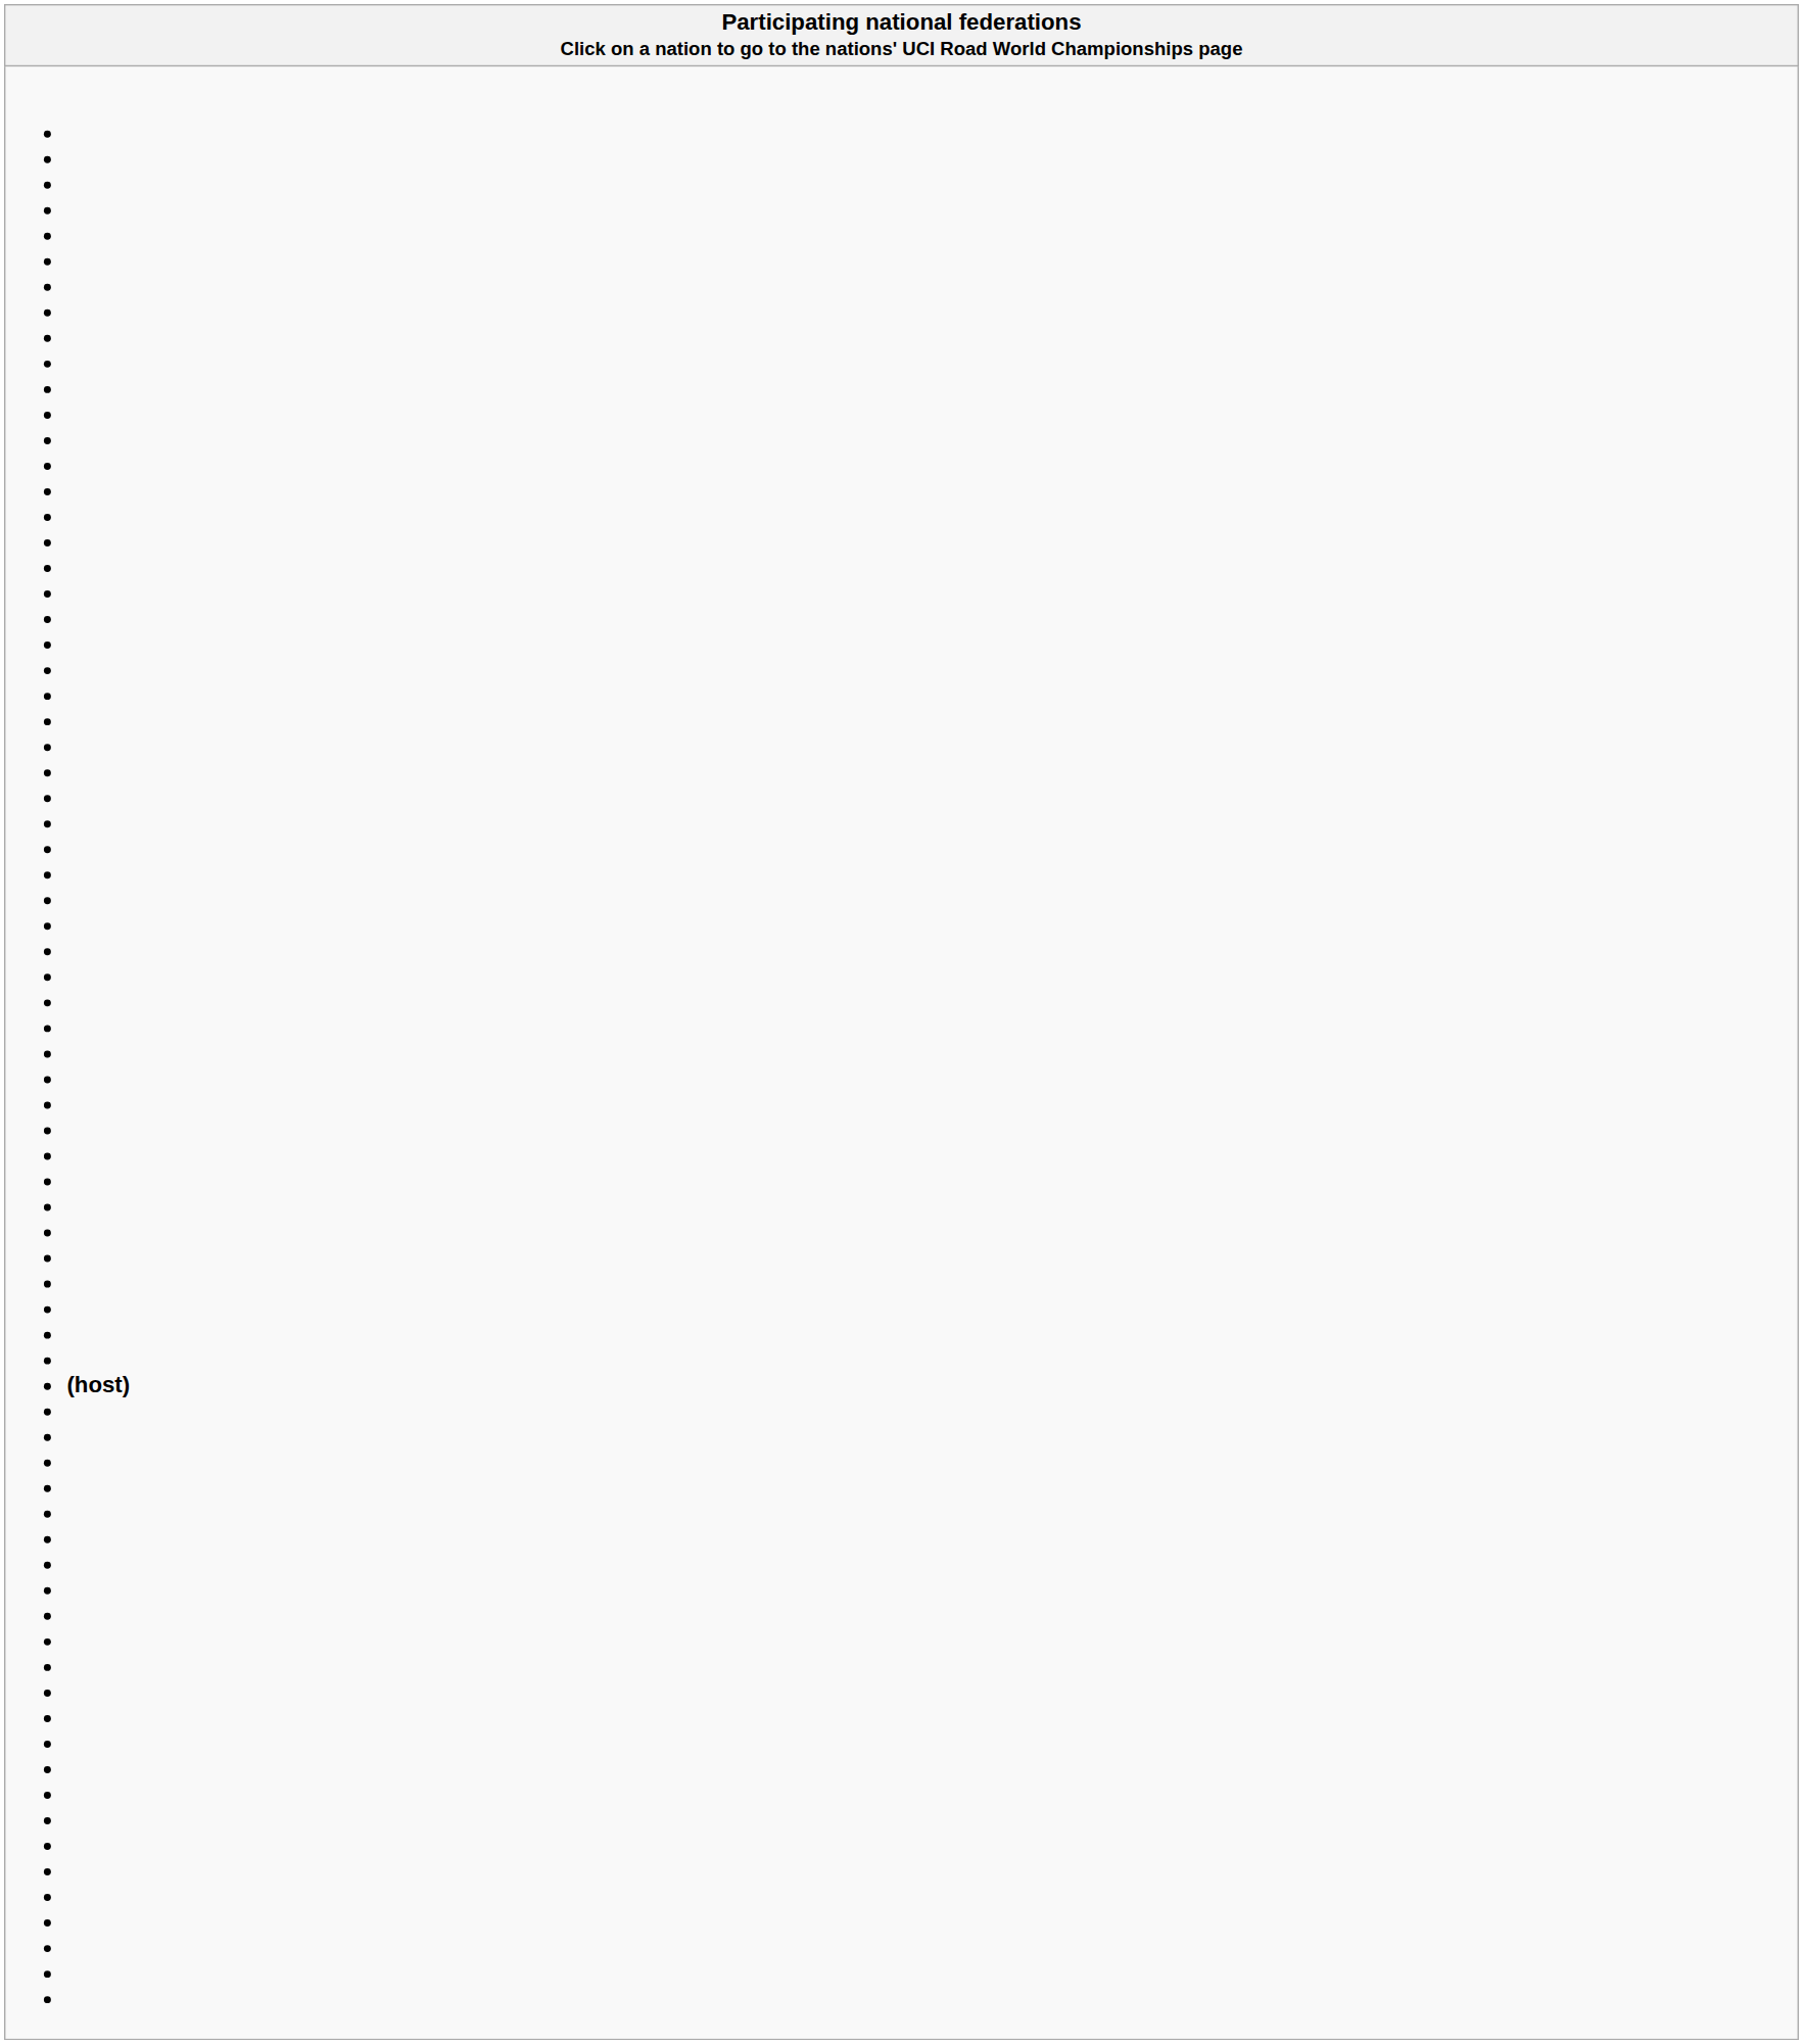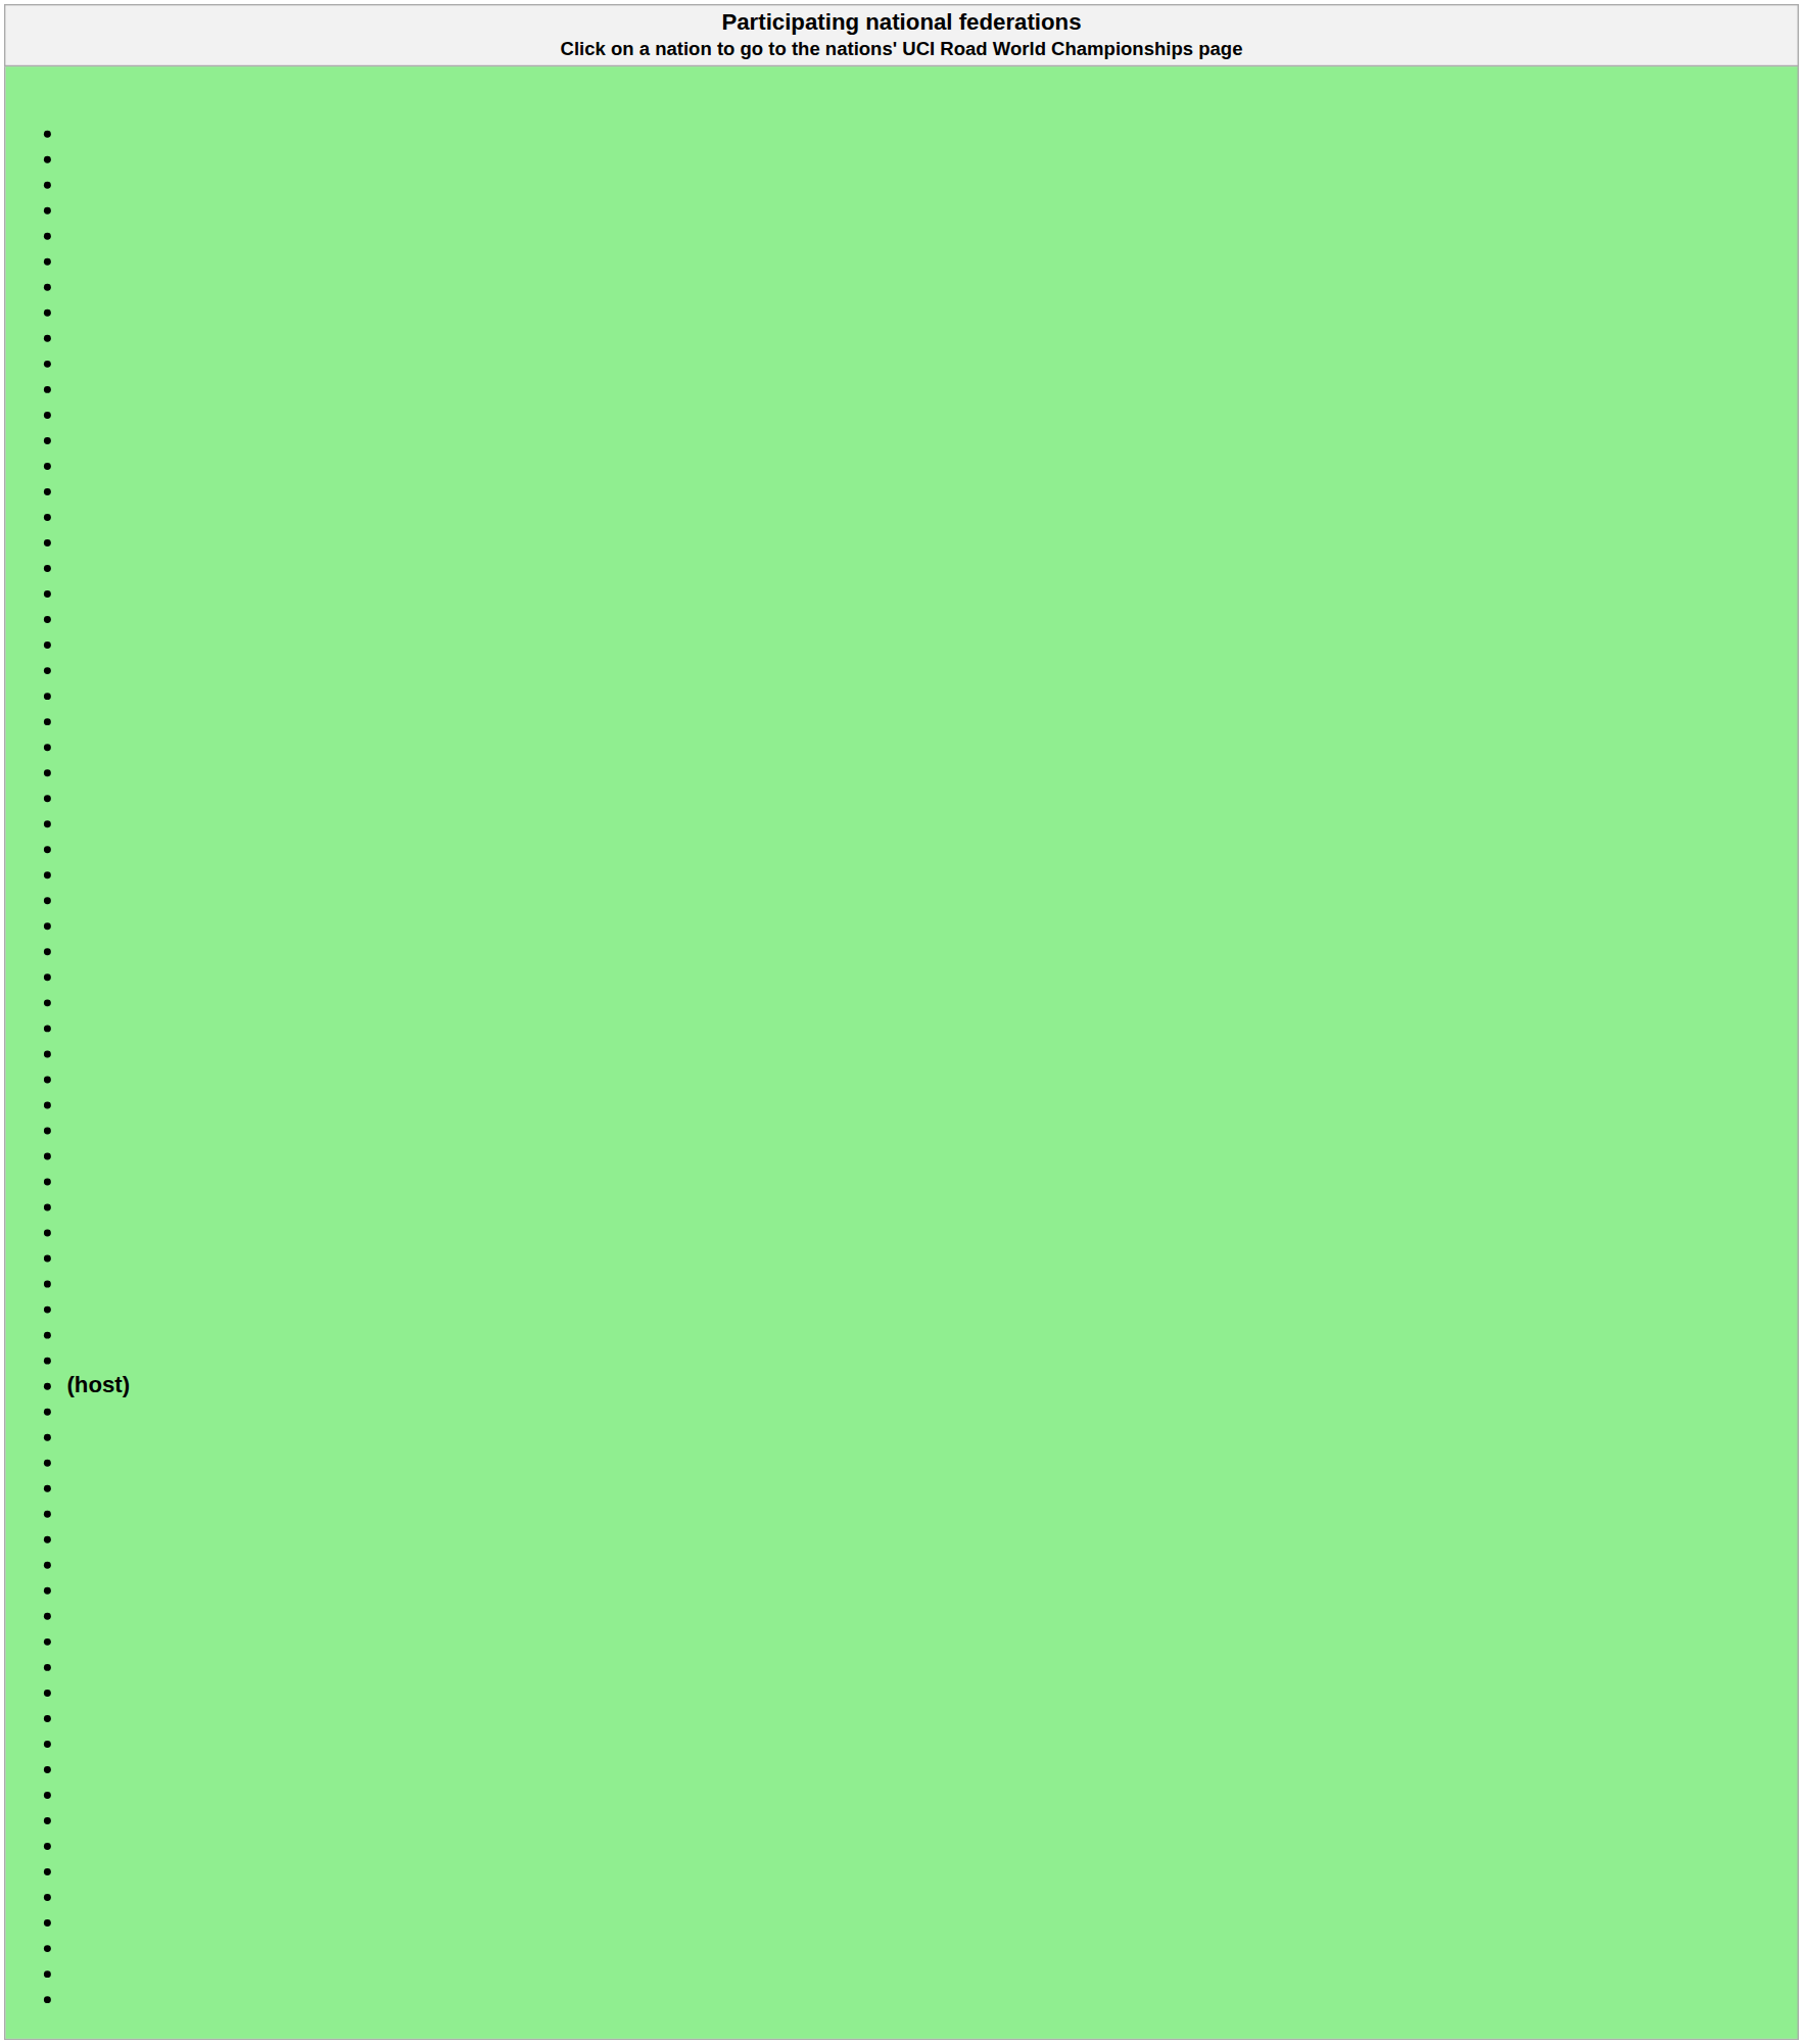 <table class="wikitable collapsible" style="width:100%;">
 <tr>
 <th>Participating national federations<br><small>Click on a nation to go to the nations' UCI Road World Championships page</small></th>
 </tr>
 <tr>
-<td><br><ul><li></li><li></li><li></li><li></li><li></li><li></li><li></li><li></li><li></li><li></li><li></li><li></li><li></li><li></li><li></li><li></li><li></li><li></li><li></li><li></li><li></li><li></li><li></li><li></li><li></li><li></li><li></li><li></li><li></li><li></li><li></li><li></li><li></li><li></li><li></li><li></li><li></li><li></li><li></li><li></li><li></li><li></li><li></li><li></li><li></li><li></li><li></li><li></li><li></li><li> <strong>(host)</strong></li><li></li><li></li><li></li><li></li><li></li><li></li><li></li><li></li><li></li><li></li><li></li><li></li><li></li><li></li><li></li><li></li><li></li><li></li><li></li><li></li><li></li><li></li><li></li><li></li></ul></td>
+<td style="background: lightgreen;"><br><ul><li></li><li></li><li></li><li></li><li></li><li></li><li></li><li></li><li></li><li></li><li></li><li></li><li></li><li></li><li></li><li></li><li></li><li></li><li></li><li></li><li></li><li></li><li></li><li></li><li></li><li></li><li></li><li></li><li></li><li></li><li></li><li></li><li></li><li></li><li></li><li></li><li></li><li></li><li></li><li></li><li></li><li></li><li></li><li></li><li></li><li></li><li></li><li></li><li></li><li> <strong>(host)</strong></li><li></li><li></li><li></li><li></li><li></li><li></li><li></li><li></li><li></li><li></li><li></li><li></li><li></li><li></li><li></li><li></li><li></li><li></li><li></li><li></li><li></li><li></li><li></li><li></li></ul></td>
 </tr>
 </table>
